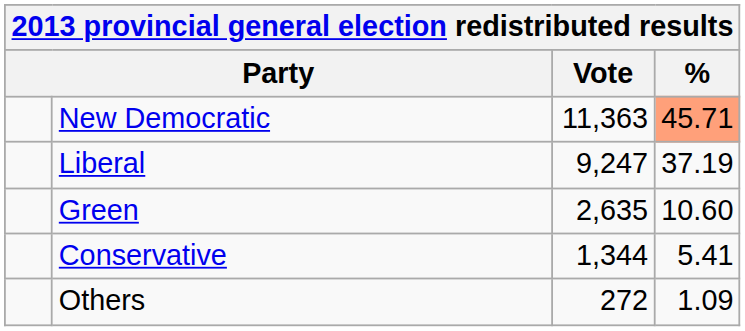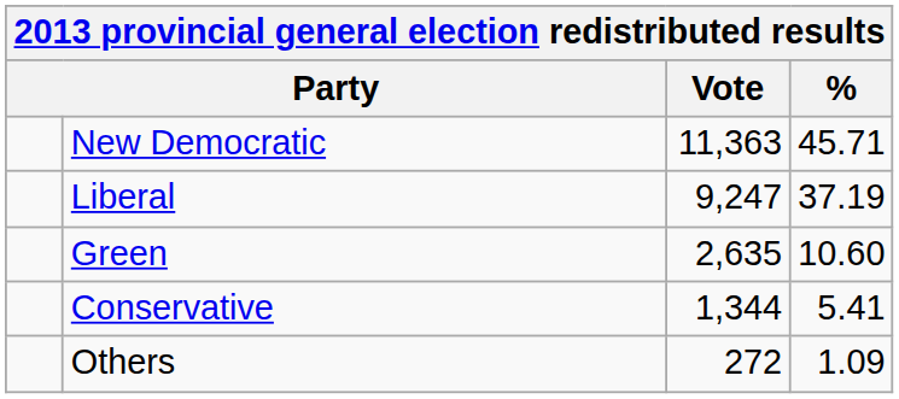 <table class="wikitable">
 <tr>
 <th colspan="4"><a href='#'>2013 provincial general election</a> redistributed results</th>
 </tr>
 <tr>
 <th bgcolor="#DDDDFF" width="130px" colspan="2">Party</th>
 <th bgcolor="#DDDDFF" width="50px">Vote</th>
 <th bgcolor="#DDDDFF" width="30px">%</th>
 </tr>
 <tr>
 <td> </td>
 <td><a href='#'>New Democratic</a></td>
 <td align="right">11,363</td>
-<td align="right" style="background: lightsalmon;">45.71</td>
+<td align="right">45.71</td>
 </tr>
 <tr>
 <td> </td>
 <td><a href='#'>Liberal</a></td>
 <td align="right">9,247</td>
 <td align="right">37.19</td>
 </tr>
 <tr>
 <td> </td>
 <td><a href='#'>Green</a></td>
 <td align="right">2,635</td>
 <td align="right">10.60</td>
 </tr>
 <tr>
 <td> </td>
 <td><a href='#'>Conservative</a></td>
 <td align="right">1,344</td>
 <td align="right">5.41</td>
 </tr>
 <tr>
 <td> </td>
 <td>Others</td>
 <td align="right">272</td>
 <td align="right">1.09</td>
 </tr>
 </table>
